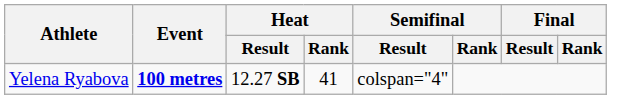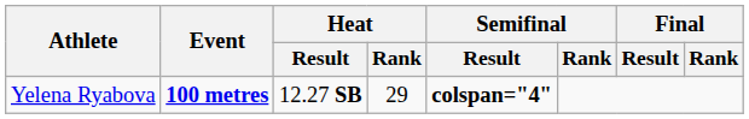 <table class="wikitable" style="font-size:90%">
 <tr>
 <th rowspan="2">Athlete</th>
 <th rowspan="2">Event</th>
 <th colspan="2">Heat</th>
 <th colspan="2">Semifinal</th>
 <th colspan="2">Final</th>
 </tr>
 <tr style="font-size:95%">
 <th>Result</th>
 <th>Rank</th>
 <th>Result</th>
 <th>Rank</th>
 <th>Result</th>
 <th>Rank</th>
 </tr>
 <tr style=text-align:center>
 <td style=text-align:left><a href='#'>Yelena Ryabova</a></td>
 <td style=text-align:left><strong><a href='#'>100 metres</a></strong></td>
 <td>12.27 <strong>SB</strong></td>
-<td>41</td>
-<td>colspan="4" </td>
+<td>29</td>
+<td><strong>colspan="4" </strong></td>
 </tr>
 </table>
